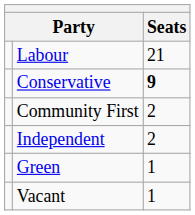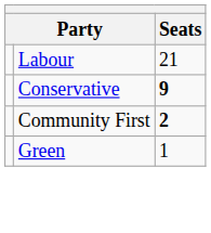 <table class="wikitable">
 <tr>
 <th colspan="3"></th>
 </tr>
 <tr>
 <th colspan="2">Party</th>
 <th>Seats</th>
 </tr>
 <tr>
 <td style="color:inherit;background:"></td>
 <td><a href='#'>Labour</a></td>
 <td>21</td>
 </tr>
 <tr>
 <td style="color:inherit;background:"></td>
 <td><a href='#'>Conservative</a></td>
 <td><strong>9</strong></td>
 </tr>
 <tr>
 <td style="color:inherit;background:"></td>
 <td>Community First</td>
-<td>2</td>
-</tr>
-<tr>
-<td style="color:inherit;background:"></td>
-<td><a href='#'>Independent</a></td>
-<td>2</td>
+<td><strong>2</strong></td>
 </tr>
 <tr>
 <td style="color:inherit;background:"></td>
 <td><a href='#'>Green</a></td>
 <td>1</td>
 </tr>
-<tr>
-<td style="color:inherit;background:"></td>
-<td>Vacant</td>
-<td>1</td>
-</tr>
 </table>
